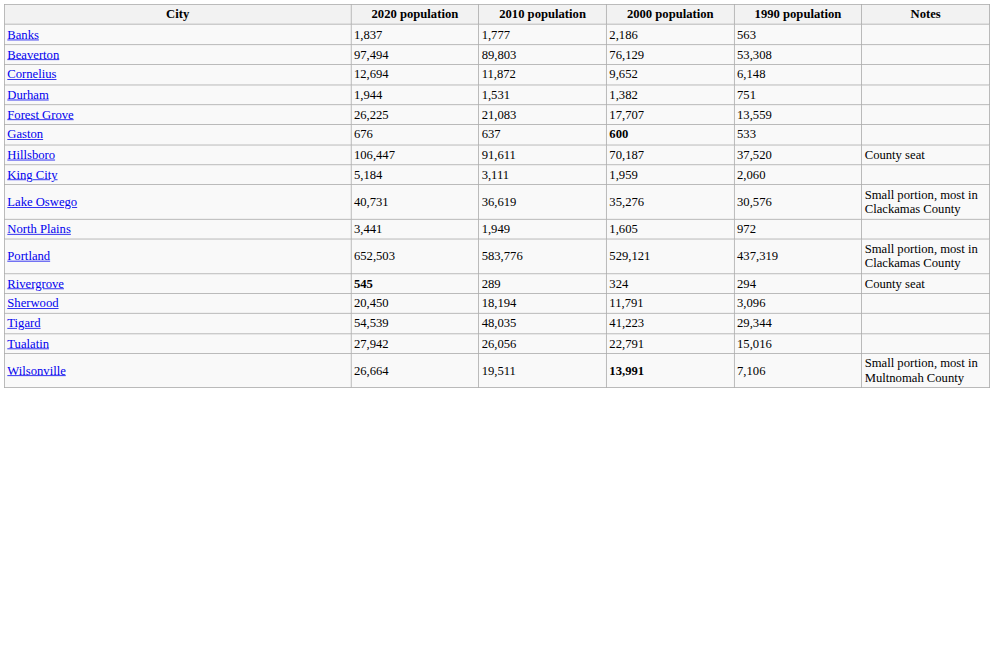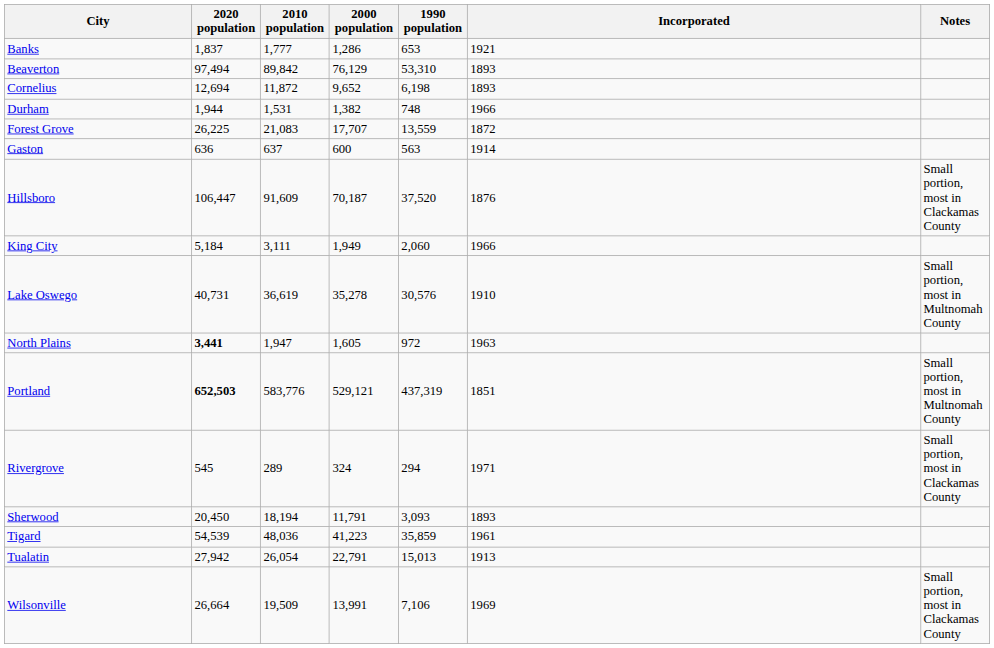 <table class="wikitable sortable" style=“width:65%”>
 <tr>
 <th style="width:19%;">City</th>
 <th style="width:7%;">2020 population</th>
 <th style="width:7%;">2010 population</th>
 <th style="width:7%;">2000 population</th>
 <th style="width:7%;">1990 population</th>
+<th style="width:6px;;">Incorporated</th>
 <th style="width:7%;">Notes</th>
 </tr>
 <tr>
 <td><a href='#'>Banks</a></td>
 <td>1,837</td>
 <td>1,777</td>
-<td>2,186</td>
-<td>563</td>
+<td>1,286</td>
+<td>653</td>
+<td>1921</td>
 <td></td>
 </tr>
 <tr>
 <td><a href='#'>Beaverton</a></td>
 <td>97,494</td>
-<td>89,803</td>
+<td>89,842</td>
 <td>76,129</td>
-<td>53,308</td>
+<td>53,310</td>
+<td>1893</td>
 <td></td>
 </tr>
 <tr>
 <td><a href='#'>Cornelius</a></td>
 <td>12,694</td>
 <td>11,872</td>
 <td>9,652</td>
-<td>6,148</td>
+<td>6,198</td>
+<td>1893</td>
 <td></td>
 </tr>
 <tr>
 <td><a href='#'>Durham</a></td>
 <td>1,944</td>
 <td>1,531</td>
 <td>1,382</td>
-<td>751</td>
+<td>748</td>
+<td>1966</td>
 <td></td>
 </tr>
 <tr>
 <td><a href='#'>Forest Grove</a></td>
 <td>26,225</td>
 <td>21,083</td>
 <td>17,707</td>
 <td>13,559</td>
+<td>1872</td>
 <td></td>
 </tr>
 <tr>
 <td><a href='#'>Gaston</a></td>
-<td>676</td>
+<td>636</td>
 <td>637</td>
-<td><strong>600</strong></td>
-<td>533</td>
+<td>600</td>
+<td>563</td>
+<td>1914</td>
 <td></td>
 </tr>
 <tr>
 <td><a href='#'>Hillsboro</a></td>
 <td>106,447</td>
-<td>91,611</td>
+<td>91,609</td>
 <td>70,187</td>
 <td>37,520</td>
-<td>County seat</td>
+<td>1876</td>
+<td>Small portion, most in Clackamas County</td>
 </tr>
 <tr>
 <td><a href='#'>King City</a></td>
 <td>5,184</td>
 <td>3,111</td>
-<td>1,959</td>
+<td>1,949</td>
 <td>2,060</td>
+<td>1966</td>
 <td></td>
 </tr>
 <tr>
 <td><a href='#'>Lake Oswego</a></td>
 <td>40,731</td>
 <td>36,619</td>
-<td>35,276</td>
+<td>35,278</td>
 <td>30,576</td>
-<td>Small portion, most in Clackamas County</td>
+<td>1910</td>
+<td>Small portion, most in Multnomah County</td>
 </tr>
 <tr>
 <td><a href='#'>North Plains</a></td>
-<td>3,441</td>
-<td>1,949</td>
+<td><strong>3,441</strong></td>
+<td>1,947</td>
 <td>1,605</td>
 <td>972</td>
+<td>1963</td>
 <td></td>
 </tr>
 <tr>
 <td><a href='#'>Portland</a></td>
-<td>652,503</td>
+<td><strong>652,503</strong></td>
 <td>583,776</td>
 <td>529,121</td>
 <td>437,319</td>
-<td>Small portion, most in Clackamas County</td>
+<td>1851</td>
+<td>Small portion, most in Multnomah County</td>
 </tr>
 <tr>
 <td><a href='#'>Rivergrove</a></td>
-<td><strong>545</strong></td>
+<td>545</td>
 <td>289</td>
 <td>324</td>
 <td>294</td>
-<td>County seat</td>
+<td>1971</td>
+<td>Small portion, most in Clackamas County</td>
 </tr>
 <tr>
 <td><a href='#'>Sherwood</a></td>
 <td>20,450</td>
 <td>18,194</td>
 <td>11,791</td>
-<td>3,096</td>
+<td>3,093</td>
+<td>1893</td>
 <td></td>
 </tr>
 <tr>
 <td><a href='#'>Tigard</a></td>
 <td>54,539</td>
-<td>48,035</td>
+<td>48,036</td>
 <td>41,223</td>
-<td>29,344</td>
+<td>35,859</td>
+<td>1961</td>
 <td></td>
 </tr>
 <tr>
 <td><a href='#'>Tualatin</a></td>
 <td>27,942</td>
-<td>26,056</td>
+<td>26,054</td>
 <td>22,791</td>
-<td>15,016</td>
+<td>15,013</td>
+<td>1913</td>
 <td></td>
 </tr>
 <tr>
 <td><a href='#'>Wilsonville</a></td>
 <td>26,664</td>
-<td>19,511</td>
-<td><strong>13,991</strong></td>
+<td>19,509</td>
+<td>13,991</td>
 <td>7,106</td>
-<td>Small portion, most in Multnomah County</td>
+<td>1969</td>
+<td>Small portion, most in Clackamas County</td>
 </tr>
 </table>
